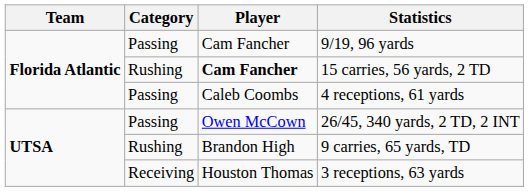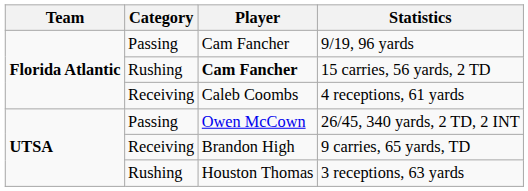 <table class="wikitable" style="float: right;">
 <tr>
 <th>Team</th>
 <th>Category</th>
 <th>Player</th>
 <th>Statistics</th>
 </tr>
 <tr>
 <td rowspan=3><strong>Florida Atlantic</strong></td>
 <td>Passing</td>
 <td>Cam Fancher</td>
 <td>9/19, 96 yards</td>
 </tr>
 <tr>
 <td>Rushing</td>
 <td><strong>Cam Fancher</strong></td>
 <td>15 carries, 56 yards, 2 TD</td>
 </tr>
 <tr>
-<td>Passing</td>
+<td>Receiving</td>
 <td>Caleb Coombs</td>
 <td>4 receptions, 61 yards</td>
 </tr>
 <tr>
 <td rowspan=3><strong>UTSA</strong></td>
 <td>Passing</td>
 <td><a href='#'>Owen McCown</a></td>
 <td>26/45, 340 yards, 2 TD, 2 INT</td>
 </tr>
 <tr>
-<td>Rushing</td>
+<td>Receiving</td>
 <td>Brandon High</td>
 <td>9 carries, 65 yards, TD</td>
 </tr>
 <tr>
-<td>Receiving</td>
+<td>Rushing</td>
 <td>Houston Thomas</td>
 <td>3 receptions, 63 yards</td>
 </tr>
 </table>
